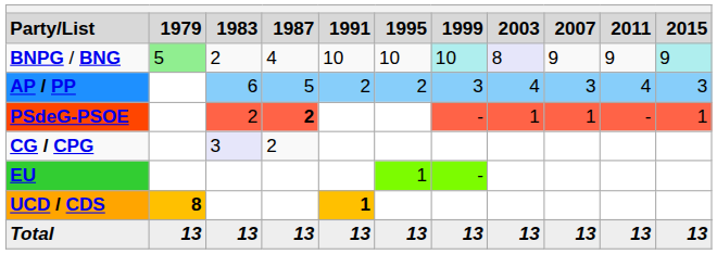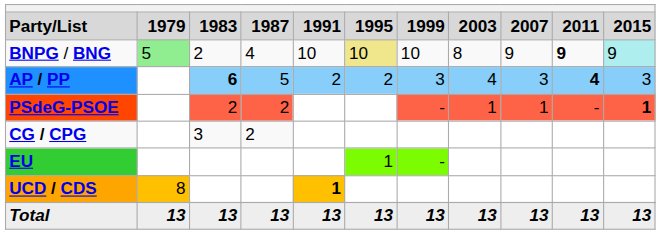 <table class="wikitable" style="margin:0 auto">
 <tr>
 <th colspan="11" width="600px" bgcolor="#C0C0C0"></th>
 </tr>
 <tr bgcolor="#D8D8D8">
 <td><strong>Party/List</strong></td>
 <td align="right"><strong>1979</strong></td>
 <td align="right"><strong>1983</strong></td>
 <td align="right"><strong>1987</strong></td>
 <td align="right"><strong>1991</strong></td>
 <td align="right"><strong>1995</strong></td>
 <td align="right"><strong>1999</strong></td>
 <td align="right"><strong>2003</strong></td>
 <td align="right"><strong>2007</strong></td>
 <td align="right"><strong>2011</strong></td>
 <td align="right"><strong>2015</strong></td>
 </tr>
 <tr>
 <td><strong><a href='#'><span>BNPG</span></a></strong> / <strong><a href='#'><span>BNG</span></a></strong></td>
 <td style="background: lightgreen;">5</td>
 <td>2</td>
 <td>4</td>
 <td>10</td>
+<td style="background: khaki;">10</td>
 <td>10</td>
-<td style="background: paleturquoise;">10</td>
-<td style="background: lavender;">8</td>
+<td>8</td>
 <td>9</td>
-<td>9</td>
+<td><strong>9</strong></td>
 <td style="background: paleturquoise;">9</td>
 </tr>
 <tr>
 <td bgcolor="#1E90FF"><strong><a href='#'><span>AP</span></a> / <a href='#'><span>PP</span></a></strong></td>
 <td bgcolor="#FFFFFF" align="right"></td>
-<td bgcolor="#87CEFA" align="right">6</td>
+<td bgcolor="#87CEFA" align="right"><strong>6</strong></td>
 <td bgcolor="#87CEFA" align="right">5</td>
 <td bgcolor="#87CEFA" align="right">2</td>
 <td bgcolor="#87CEFA" align="right">2</td>
 <td bgcolor="#87CEFA" align="right">3</td>
 <td bgcolor="#87CEFA" align="right">4</td>
 <td bgcolor="#87CEFA" align="right">3</td>
-<td bgcolor="#87CEFA" align="right">4</td>
+<td bgcolor="#87CEFA" align="right"><strong>4</strong></td>
 <td bgcolor="#87CEFA" align="right">3</td>
 </tr>
 <tr>
 <td bgcolor="#FF4500"><strong><a href='#'><span>PSdeG-PSOE</span></a></strong></td>
 <td bgcolor="#FFFFFF" align="right"></td>
 <td bgcolor="#FF6347" align="right">2</td>
-<td bgcolor="#FF6347" align="right"><strong>2</strong></td>
+<td bgcolor="#FF6347" align="right">2</td>
 <td bgcolor="#FFFFFF" align="right"></td>
 <td bgcolor="#FFFFFF" align="right"></td>
 <td bgcolor="#FF6347" align="right">-</td>
 <td bgcolor="#FF6347" align="right">1</td>
 <td bgcolor="#FF6347" align="right">1</td>
 <td bgcolor="#FF6347" align="right">-</td>
-<td bgcolor="#FF6347" align="right">1</td>
+<td bgcolor="#FF6347" align="right"><strong>1</strong></td>
 </tr>
 <tr>
 <td><strong><a href='#'><span>CG</span></a> / <a href='#'><span>CPG</span></a></strong></td>
 <td bgcolor="#FFFFFF" align="right"></td>
-<td style="background: lavender;">3</td>
+<td>3</td>
 <td>2</td>
 <td bgcolor="#FFFFFF" align="right"></td>
 <td bgcolor="#FFFFFF" align="right"></td>
 <td bgcolor="#FFFFFF" align="right"></td>
 <td bgcolor="#FFFFFF" align="right"></td>
 <td bgcolor="#FFFFFF" align="right"></td>
 <td bgcolor="#FFFFFF" align="right"></td>
 <td bgcolor="#FFFFFF" align="right"></td>
 </tr>
 <tr>
 <td bgcolor="#32CD32"><strong><a href='#'><span>EU</span></a></strong></td>
 <td bgcolor="#FFFFFF" align="right"></td>
 <td bgcolor="#FFFFFF" align="right"></td>
 <td bgcolor="#FFFFFF" align="right"></td>
 <td bgcolor="#FFFFFF" align="right"></td>
 <td bgcolor="#7CFC00" align="right">1</td>
 <td bgcolor="#7CFC00" align="right">-</td>
 <td bgcolor="#FFFFFF" align="right"></td>
 <td bgcolor="#FFFFFF" align="right"></td>
 <td bgcolor="#FFFFFF" align="right"></td>
 <td bgcolor="#FFFFFF" align="right"></td>
 </tr>
 <tr>
 <td bgcolor="#FFA500"><strong><a href='#'><span>UCD</span></a> / <a href='#'><span>CDS</span></a></strong></td>
-<td bgcolor="#FFC000" align="right"><strong>8</strong></td>
+<td bgcolor="#FFC000" align="right">8</td>
 <td bgcolor="#FFFFFF" align="right"></td>
 <td bgcolor="#FFFFFF" align="right"></td>
 <td bgcolor="#FFC000" align="right"><strong>1</strong></td>
 <td bgcolor="#FFFFFF" align="right"></td>
 <td bgcolor="#FFFFFF" align="right"></td>
 <td bgcolor="#FFFFFF" align="right"></td>
 <td bgcolor="#FFFFFF" align="right"></td>
 <td bgcolor="#FFFFFF" align="right"></td>
 <td bgcolor="#FFFFFF" align="right"></td>
 </tr>
 <tr>
 </tr>
 <tr bgcolor="#EEEEEE">
 <td><strong><em>Total</em></strong></td>
 <td align="right"><strong><em>13</em></strong></td>
 <td align="right"><strong><em>13</em></strong></td>
 <td align="right"><strong><em>13</em></strong></td>
 <td align="right"><strong><em>13</em></strong></td>
 <td align="right"><strong><em>13</em></strong></td>
 <td align="right"><strong><em>13</em></strong></td>
 <td align="right"><strong><em>13</em></strong></td>
 <td align="right"><strong><em>13</em></strong></td>
 <td align="right"><strong><em>13</em></strong></td>
 <td align="right"><strong><em>13</em></strong></td>
 </tr>
 </table>
